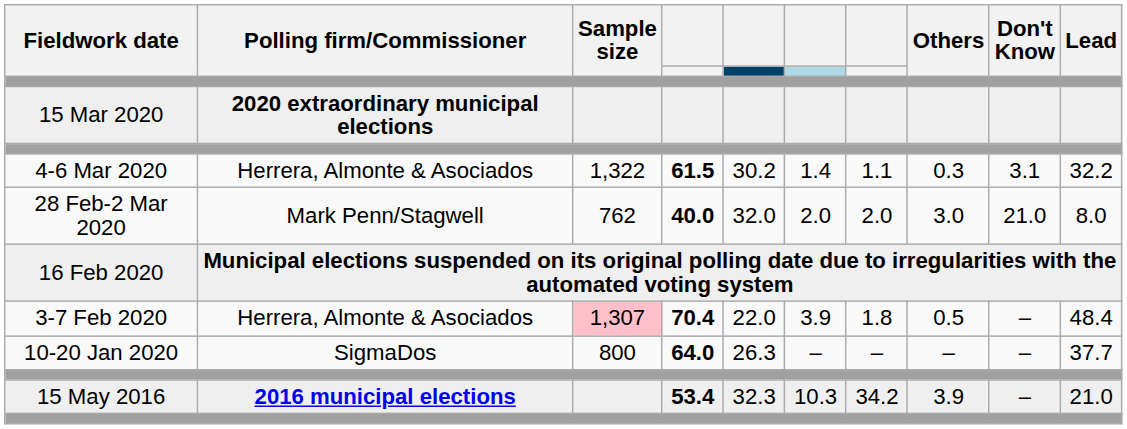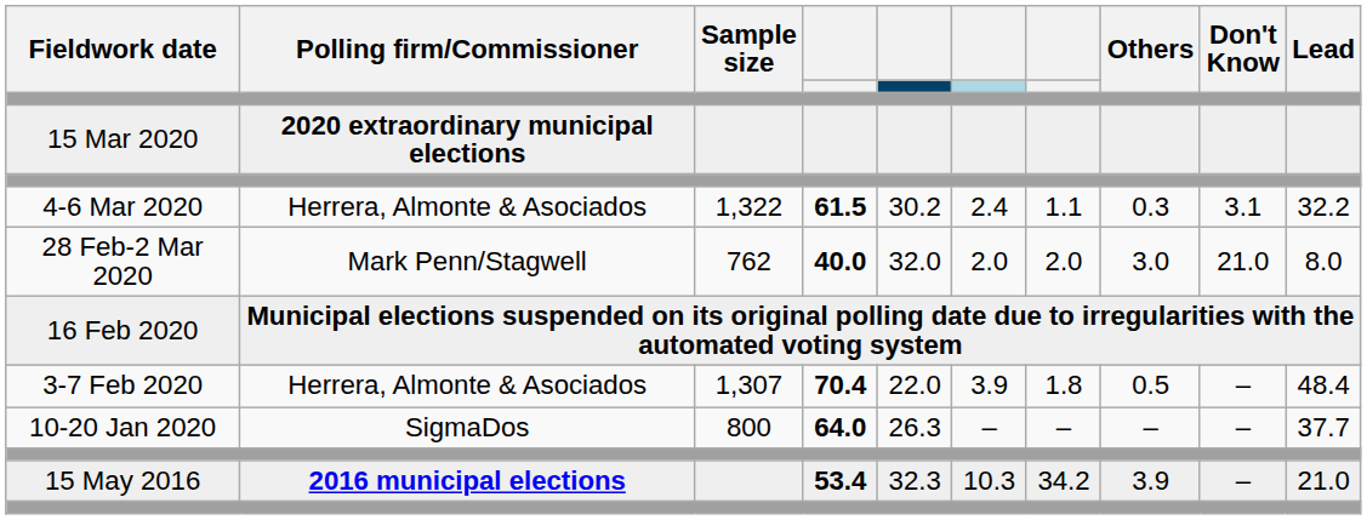 <table class="wikitable collapsible" style="text-align:center; font-size:95%; line-height:16px;">
 <tr style="height:42px;">
 <th style="width:125px;" rowspan="2">Fieldwork date</th>
 <th style="width:250px;" rowspan="2">Polling firm/Commissioner</th>
 <th style="width:50px;" rowspan="2">Sample size</th>
 <th style="width:35px;"></th>
 <th style="width:35px;"></th>
 <th style="width:35px;"></th>
 <th style="width:35px;"></th>
 <th style="width:35px;" rowspan="2">Others</th>
 <th style="width:35px;" rowspan="2">Don't Know</th>
 <th style="width:30px;" rowspan="2">Lead</th>
 </tr>
 <tr>
 <th style="color:inherit;background:"></th>
 <th style="color:inherit;background:#00416A;"></th>
 <th style="color:inherit;background:#ADD8E6;"></th>
 <th style="color:inherit;background:"></th>
 </tr>
 <tr>
 <td colspan="10" style="background:#A0A0A0"></td>
 </tr>
 <tr style="background:#EFEFEF;">
 <td>15 Mar 2020</td>
 <td><strong>2020 extraordinary municipal elections</strong></td>
 <td></td>
 <td></td>
 <td></td>
 <td></td>
 <td></td>
 <td></td>
 <td></td>
 <td></td>
 </tr>
 <tr>
 <td colspan="10" style="background:#A0A0A0"></td>
 </tr>
 <tr>
 <td>4-6 Mar 2020</td>
 <td>Herrera, Almonte & Asociados</td>
 <td>1,322</td>
 <td><strong>61.5</strong></td>
 <td>30.2</td>
-<td>1.4</td>
+<td>2.4</td>
 <td>1.1</td>
 <td>0.3</td>
 <td>3.1</td>
 <td style="background:">32.2</td>
 </tr>
 <tr>
 <td>28 Feb-2 Mar 2020</td>
 <td>Mark Penn/Stagwell</td>
 <td>762</td>
 <td><strong>40.0</strong></td>
 <td>32.0</td>
 <td>2.0</td>
 <td>2.0</td>
 <td>3.0</td>
 <td>21.0</td>
 <td style="background:">8.0</td>
 </tr>
 <tr style="background:#EFEFEF;">
 <td>16 Feb 2020</td>
 <td colspan="10"><strong>Municipal elections suspended on its original polling date due to irregularities with the automated voting system</strong></td>
 </tr>
 <tr>
 <td>3-7 Feb 2020</td>
 <td>Herrera, Almonte & Asociados</td>
-<td style="background: pink;">1,307</td>
+<td>1,307</td>
 <td><strong>70.4</strong></td>
 <td>22.0</td>
 <td>3.9</td>
 <td>1.8</td>
 <td>0.5</td>
 <td>–</td>
 <td style="background:">48.4</td>
 </tr>
 <tr>
 <td>10-20 Jan 2020</td>
 <td>SigmaDos</td>
 <td>800</td>
 <td><strong>64.0</strong></td>
 <td>26.3</td>
 <td>–</td>
 <td>–</td>
 <td>–</td>
 <td>–</td>
 <td style="background:">37.7</td>
 </tr>
 <tr>
 <td colspan="18" style="background:#A0A0A0"></td>
 </tr>
 <tr style="background:#EFEFEF;">
 <td>15 May 2016</td>
 <td><strong><a href='#'>2016 municipal elections</a></strong></td>
 <td></td>
 <td><strong>53.4</strong></td>
 <td>32.3 </td>
 <td>10.3</td>
 <td>34.2 </td>
 <td>3.9</td>
 <td>–</td>
 <td style="background:">21.0</td>
 </tr>
 <tr>
 <td colspan="18" style="background:#A0A0A0"></td>
 </tr>
 </table>
